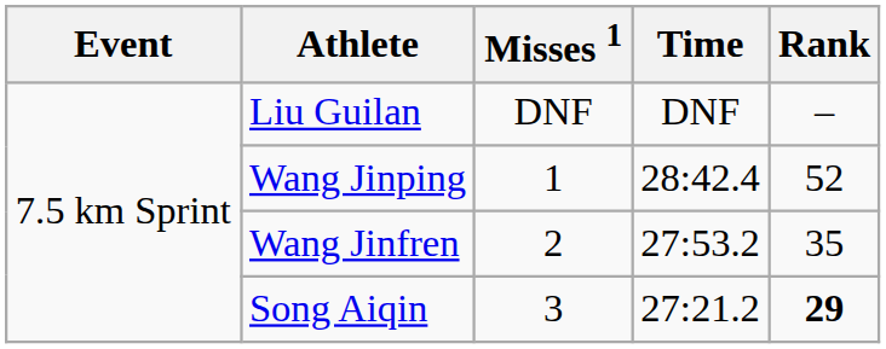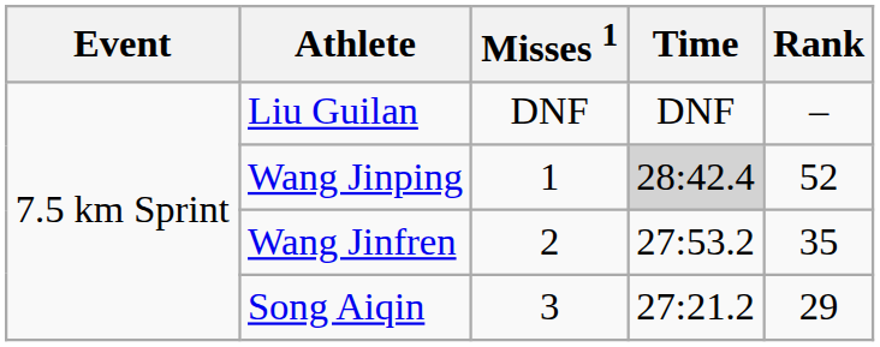 <table class="wikitable" style="font-size:90%">
 <tr>
 <th>Event</th>
 <th>Athlete</th>
 <th>Misses <sup>1</sup></th>
 <th>Time</th>
 <th>Rank</th>
 </tr>
 <tr>
 <td rowspan="4">7.5 km Sprint</td>
 <td><a href='#'>Liu Guilan</a></td>
 <td align="center">DNF</td>
 <td align="center">DNF</td>
 <td align="center">–</td>
 </tr>
 <tr>
 <td><a href='#'>Wang Jinping</a></td>
 <td align="center">1</td>
-<td align="center">28:42.4</td>
+<td align="center" style="background: lightgrey;">28:42.4</td>
 <td align="center">52</td>
 </tr>
 <tr>
 <td><a href='#'>Wang Jinfren</a></td>
 <td align="center">2</td>
 <td align="center">27:53.2</td>
 <td align="center">35</td>
 </tr>
 <tr>
 <td><a href='#'>Song Aiqin</a></td>
 <td align="center">3</td>
 <td align="center">27:21.2</td>
-<td align="center"><strong>29</strong></td>
+<td align="center">29</td>
 </tr>
 </table>
